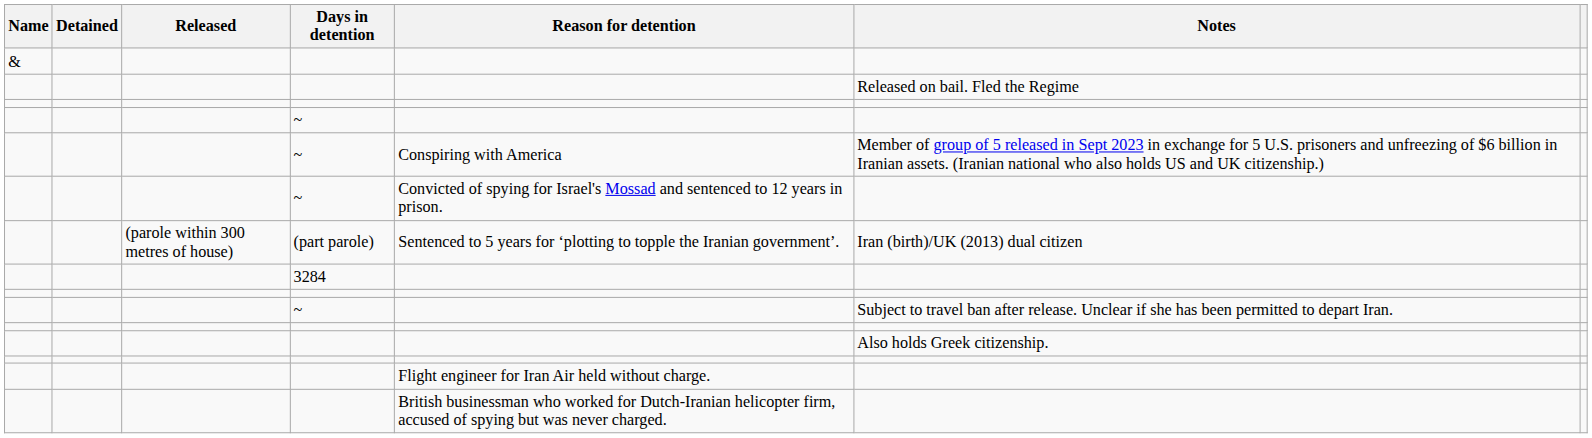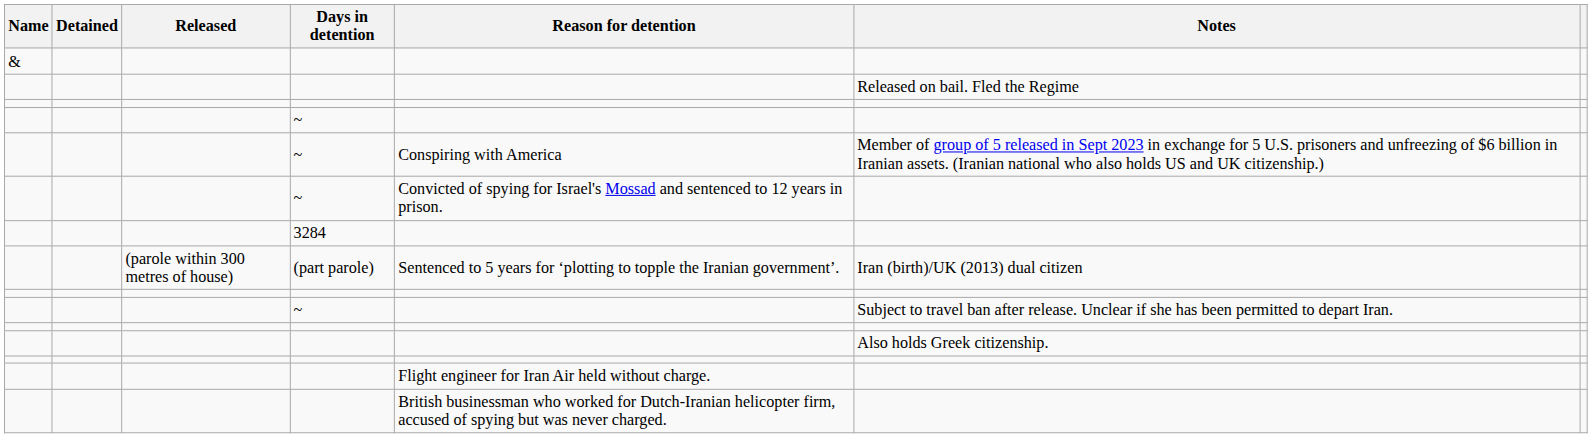 <table class="wikitable sortable">
 <tr>
 <th>Name</th>
 <th>Detained</th>
 <th>Released</th>
 <th>Days in detention</th>
 <th>Reason for detention</th>
 <th>Notes</th>
 <th class="unsortable"></th>
 </tr>
 <tr>
 <td> & </td>
 <td></td>
 <td></td>
 <td></td>
 <td></td>
 <td></td>
 <td align="center"></td>
 </tr>
 <tr>
 <td></td>
 <td></td>
 <td></td>
 <td></td>
 <td></td>
 <td>Released on bail. Fled the Regime</td>
 </tr>
 <tr>
 <td></td>
 <td></td>
 <td></td>
 <td></td>
 <td></td>
 <td></td>
 <td align="center"></td>
 </tr>
 <tr>
 <td></td>
 <td></td>
 <td></td>
 <td>~</td>
 <td></td>
 <td></td>
 <td></td>
 </tr>
 <tr>
 <td></td>
 <td></td>
 <td></td>
 <td>~</td>
 <td>Conspiring with America</td>
 <td>Member of <a href='#'>group of 5 released in Sept 2023</a> in exchange for 5 U.S. prisoners and unfreezing of $6 billion in Iranian assets. (Iranian national who also holds US and UK citizenship.)</td>
 <td align="center"></td>
 </tr>
 <tr>
 <td></td>
 <td></td>
 <td></td>
 <td>~</td>
 <td>Convicted of spying for Israel's <a href='#'>Mossad</a> and sentenced to 12 years in prison.</td>
 <td></td>
 <td align="center"></td>
 </tr>
 <tr>
 <td></td>
 <td></td>
-<td> (parole within 300 metres of house)<br></td>
-<td> (part parole)</td>
-<td>Sentenced to 5 years for ‘plotting  to topple the Iranian government’.</td>
-<td>Iran (birth)/UK (2013) dual citizen</td>
+<td></td>
+<td>3284</td>
+<td></td>
+<td></td>
 <td align="center"></td>
 </tr>
 <tr>
 <td></td>
 <td></td>
-<td></td>
-<td>3284</td>
-<td></td>
-<td></td>
+<td> (parole within 300 metres of house)<br></td>
+<td> (part parole)</td>
+<td>Sentenced to 5 years for ‘plotting  to topple the Iranian government’.</td>
+<td>Iran (birth)/UK (2013) dual citizen</td>
 <td align="center"></td>
 </tr>
 <tr>
 <td></td>
 <td></td>
 <td></td>
 <td></td>
 <td></td>
 <td></td>
 <td align="center"></td>
 </tr>
 <tr>
 <td></td>
 <td></td>
 <td></td>
 <td>~</td>
 <td></td>
 <td>Subject to travel ban after release. Unclear if she has been permitted to depart Iran.</td>
 <td align="center"></td>
 </tr>
 <tr>
 <td></td>
 <td></td>
 <td></td>
 <td></td>
 <td></td>
 <td></td>
 <td align="center"></td>
 </tr>
 <tr>
 <td></td>
 <td></td>
 <td></td>
 <td></td>
 <td></td>
 <td>Also holds Greek citizenship.</td>
 <td align="center"></td>
 </tr>
 <tr>
 <td></td>
 <td></td>
 <td></td>
 <td></td>
 <td></td>
 <td></td>
 <td align="center"></td>
 </tr>
 <tr>
 <td></td>
 <td></td>
 <td></td>
 <td></td>
 <td>Flight engineer for Iran Air held without charge.</td>
 <td></td>
 <td align="center"></td>
 </tr>
 <tr>
 <td></td>
 <td></td>
 <td></td>
 <td></td>
 <td>British businessman who worked for Dutch-Iranian helicopter firm, accused of spying but was never charged.</td>
 <td></td>
 <td align="center"></td>
 </tr>
 </table>
